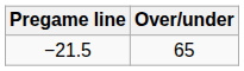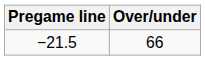 <table class="wikitable" style="margin-left: auto; margin-right: auto; border: none; display: inline-table;">
 <tr align="center">
 <th style=>Pregame line</th>
 <th style=>Over/under</th>
 </tr>
 <tr align="center">
 <td>−21.5</td>
-<td>65</td>
+<td>66</td>
 </tr>
 </table>
